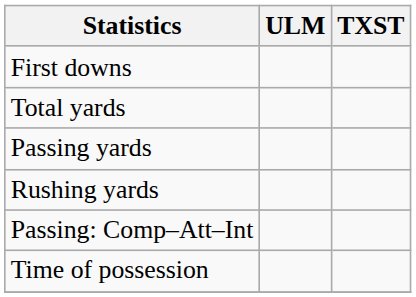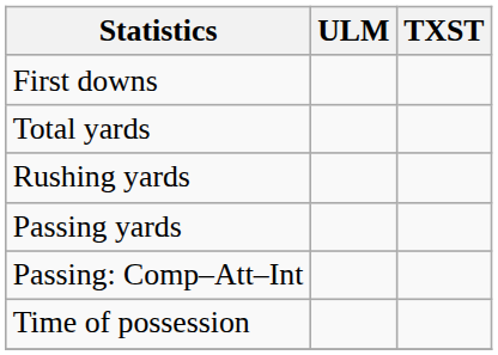 <table class="wikitable" style="float: left;">
 <tr>
 <th>Statistics</th>
 <th>ULM</th>
 <th>TXST</th>
 </tr>
 <tr>
 <td>First downs</td>
 <td></td>
 <td></td>
 </tr>
 <tr>
 <td>Total yards</td>
 <td></td>
 <td></td>
 </tr>
 <tr>
-<td>Passing yards</td>
+<td>Rushing yards</td>
 <td></td>
 <td></td>
 </tr>
 <tr>
-<td>Rushing yards</td>
+<td>Passing yards</td>
 <td></td>
 <td></td>
 </tr>
 <tr>
 <td>Passing: Comp–Att–Int</td>
 <td></td>
 <td></td>
 </tr>
 <tr>
 <td>Time of possession</td>
 <td></td>
 <td></td>
 </tr>
 <tr>
 </tr>
 </table>
